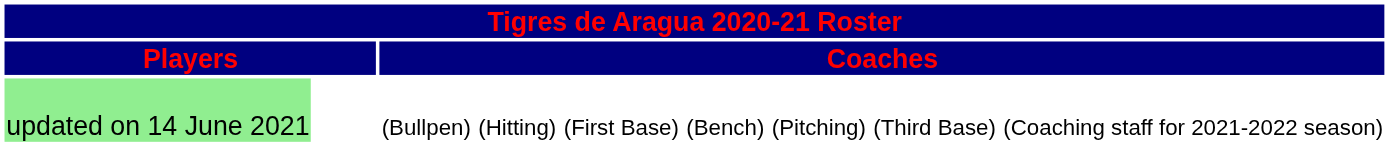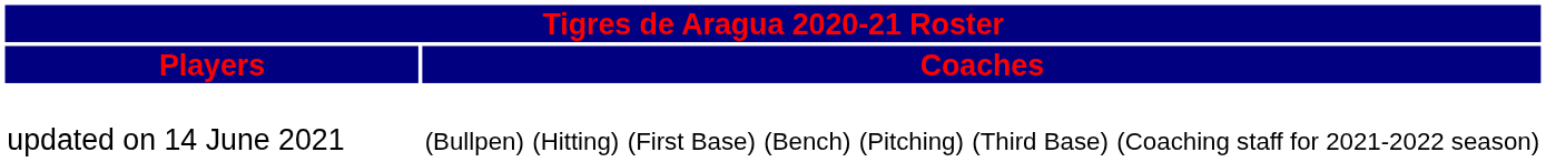 <table class="toccolours" style="font-size: 95%;">
 <tr>
 <th colspan="10" style="background-color: navy;color:red;text-align:center;">Tigres de Aragua 2020-21 Roster</th>
 </tr>
 <tr>
 <th colspan="4" style="background-color: navy; color: red">Players</th>
 <th colspan="1" style="background-color: navy; color: red">Coaches</th>
 </tr>
 <tr>
-<td style="background: lightgreen; vertical-align:top;text-align:left;"><br>                             updated on 14 June 2021</td>
+<td style="vertical-align:top;text-align:left;"><br>                             updated on 14 June 2021</td>
 <td width="25px"></td>
 <td style="vertical-align:top;text-align:left;"><br>                </td>
 <td style="vertical-align:top;text-align:left;"></td>
 <td style="vertical-align:top;text-align:left;"><br> <small>(Bullpen)</small>  <small>(Hitting)</small>  <small>(First Base)</small>  <small>(Bench)</small>  <small>(Pitching)</small>  <small>(Third Base)</small> <small>(Coaching staff for 2021-2022 season)</small></td>
 </tr>
 </table>
